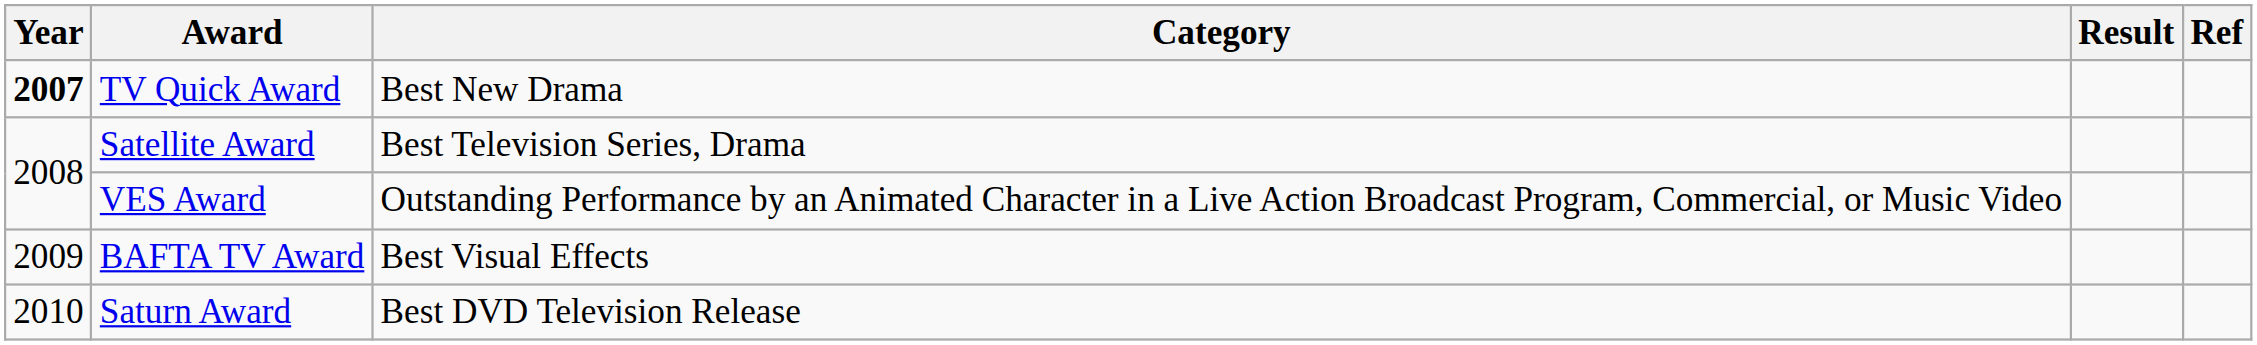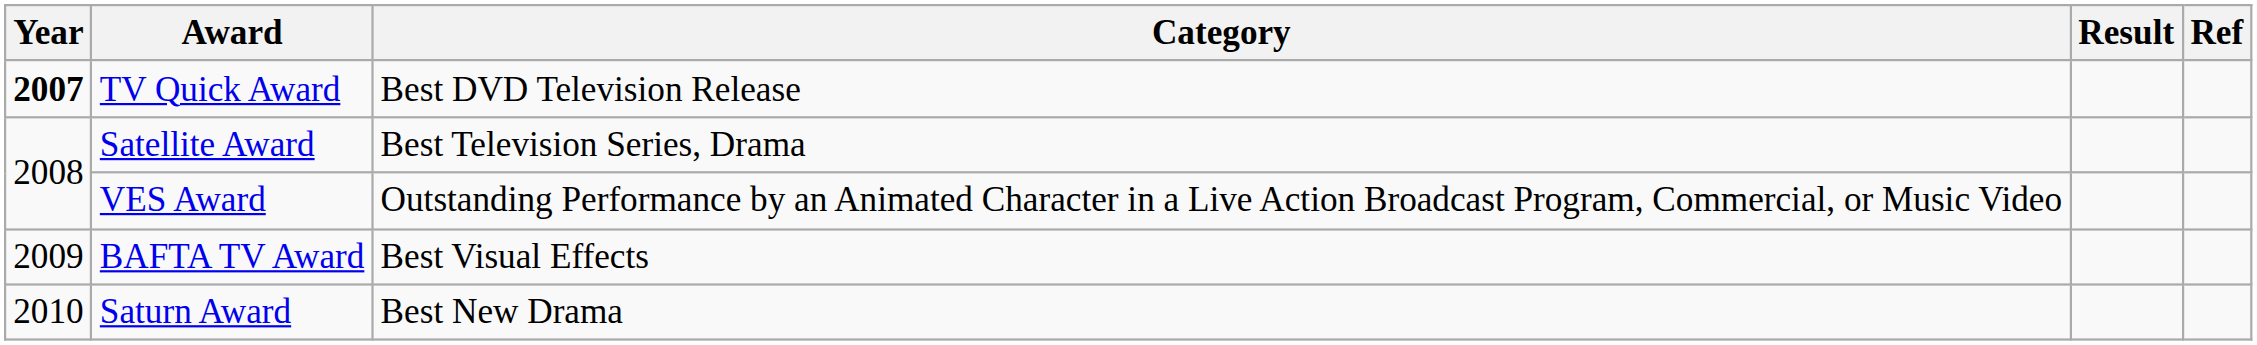 <table class="wikitable">
 <tr>
 <th>Year</th>
 <th>Award</th>
 <th>Category</th>
 <th>Result</th>
 <th>Ref</th>
 </tr>
 <tr>
 <td><strong>2007</strong></td>
 <td><a href='#'>TV Quick Award</a></td>
-<td>Best New Drama</td>
+<td>Best DVD Television Release</td>
 <td></td>
 <td></td>
 </tr>
 <tr>
 <td rowspan=2>2008</td>
 <td><a href='#'>Satellite Award</a></td>
 <td>Best Television Series, Drama</td>
 <td></td>
 <td></td>
 </tr>
 <tr>
 <td><a href='#'>VES Award</a></td>
 <td>Outstanding Performance by an Animated Character in a Live Action Broadcast Program, Commercial, or Music Video</td>
 <td></td>
 <td></td>
 </tr>
 <tr>
 <td>2009</td>
 <td><a href='#'>BAFTA TV Award</a></td>
 <td>Best Visual Effects</td>
 <td></td>
 <td></td>
 </tr>
 <tr>
 <td>2010</td>
 <td><a href='#'>Saturn Award</a></td>
-<td>Best DVD Television Release</td>
+<td>Best New Drama</td>
 <td></td>
 <td></td>
 </tr>
 </table>
